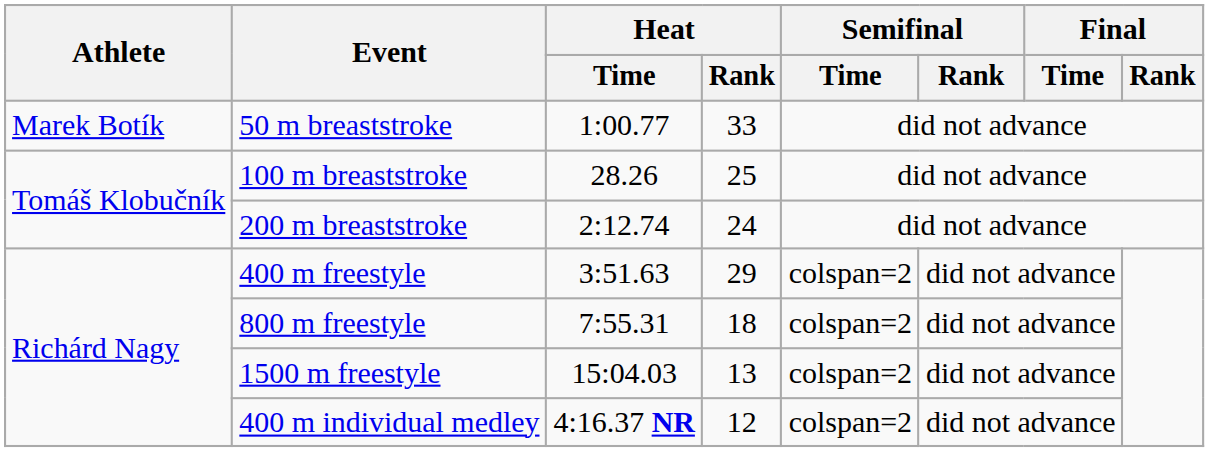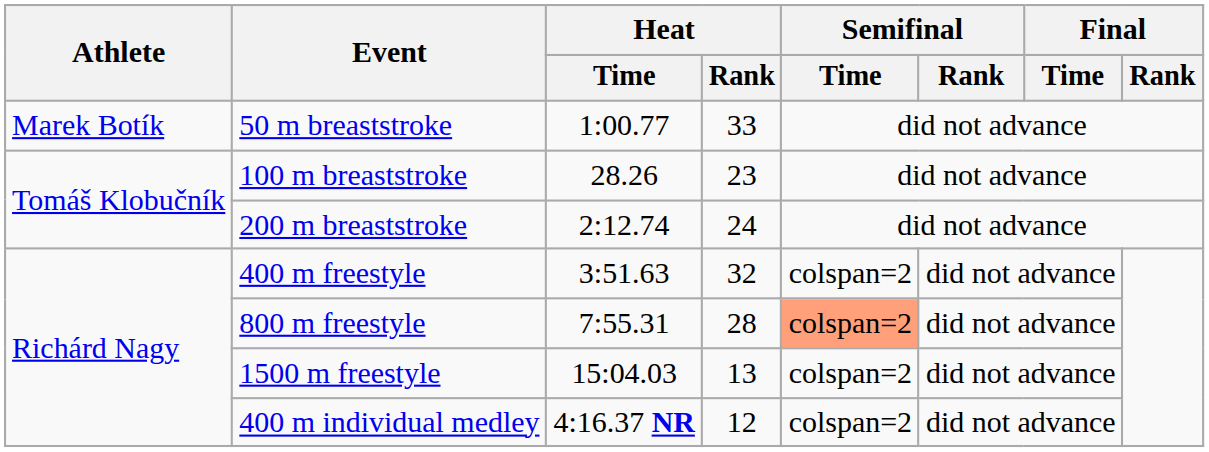 <table class=wikitable style="font-size:90%">
 <tr>
 <th rowspan="2">Athlete</th>
 <th rowspan="2">Event</th>
 <th colspan="2">Heat</th>
 <th colspan="2">Semifinal</th>
 <th colspan="2">Final</th>
 </tr>
 <tr style="font-size:95%">
 <th>Time</th>
 <th>Rank</th>
 <th>Time</th>
 <th>Rank</th>
 <th>Time</th>
 <th>Rank</th>
 </tr>
 <tr align=center>
 <td align=left><a href='#'>Marek Botík</a></td>
 <td align=left><a href='#'>50 m breaststroke</a></td>
 <td>1:00.77</td>
 <td>33</td>
 <td colspan=4>did not advance</td>
 </tr>
 <tr align=center>
 <td align=left rowspan=2><a href='#'>Tomáš Klobučník</a></td>
 <td align=left><a href='#'>100 m breaststroke</a></td>
 <td>28.26</td>
-<td>25</td>
+<td>23</td>
 <td colspan=4>did not advance</td>
 </tr>
 <tr align=center>
 <td align=left><a href='#'>200 m breaststroke</a></td>
 <td>2:12.74</td>
 <td>24</td>
 <td colspan=4>did not advance</td>
 </tr>
 <tr align=center>
 <td align=left rowspan=4><a href='#'>Richárd Nagy</a></td>
 <td align=left><a href='#'>400 m freestyle</a></td>
 <td>3:51.63</td>
-<td>29</td>
+<td>32</td>
 <td>colspan=2 </td>
 <td colspan=2>did not advance</td>
 </tr>
 <tr align=center>
 <td align=left><a href='#'>800 m freestyle</a></td>
 <td>7:55.31</td>
-<td>18</td>
-<td>colspan=2 </td>
+<td>28</td>
+<td style="background: lightsalmon;">colspan=2 </td>
 <td colspan=2>did not advance</td>
 </tr>
 <tr align=center>
 <td align=left><a href='#'>1500 m freestyle</a></td>
 <td>15:04.03</td>
 <td>13</td>
 <td>colspan=2 </td>
 <td colspan=2>did not advance</td>
 </tr>
 <tr align=center>
 <td align=left><a href='#'>400 m individual medley</a></td>
 <td>4:16.37 <strong><a href='#'>NR</a></strong></td>
 <td>12</td>
 <td>colspan=2 </td>
 <td colspan=2>did not advance</td>
 </tr>
 </table>
